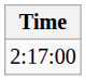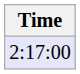 <table class="wikitable" border="1" align="upright">
 <tr>
 <th>Time</th>
 </tr>
 <tr>
-<td>2:17:00</td>
+<td style="background: lavender;">2:17:00</td>
 </tr>
 </table>
